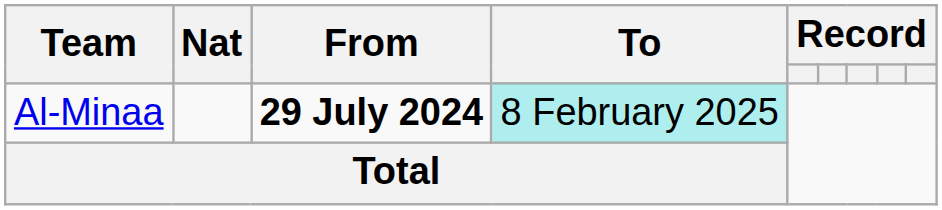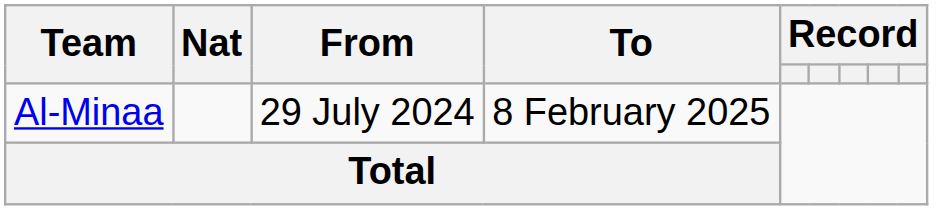 <table class="wikitable" style="text-align: center">
 <tr>
 <th rowspan="2">Team</th>
 <th rowspan="2">Nat</th>
 <th rowspan="2">From</th>
 <th rowspan="2">To</th>
 <th colspan="8">Record</th>
 </tr>
 <tr>
 <th></th>
 <th></th>
 <th></th>
 <th></th>
 <th></th>
 </tr>
 <tr>
 <td align="left"><a href='#'>Al-Minaa</a></td>
 <td></td>
-<td align="left"><strong>29 July 2024</strong></td>
-<td align="left" style="background: paleturquoise;">8 February 2025<br></td>
+<td align="left">29 July 2024</td>
+<td align="left">8 February 2025<br></td>
 </tr>
 <tr>
 <th colspan="4">Total<br></th>
 </tr>
 </table>
